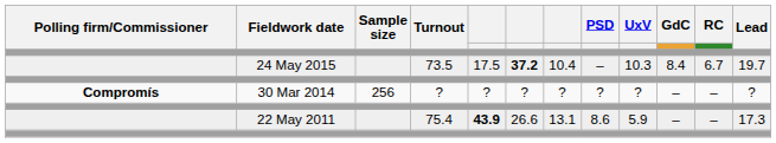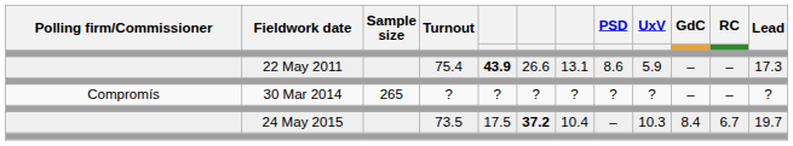 <table class="wikitable collapsible collapsed" style="text-align:center; font-size:95%; line-height:16px;">
 <tr style="height:42px;">
 <th style="width:250px;" rowspan="2">Polling firm/Commissioner</th>
 <th style="width:125px;" rowspan="2">Fieldwork date</th>
 <th style="width:50px;" rowspan="2">Sample size</th>
 <th style="width:45px;" rowspan="2">Turnout</th>
 <th style="width:35px;"></th>
 <th style="width:35px;"></th>
 <th style="width:35px;"></th>
 <th style="width:35px;"><a href='#'>PSD</a></th>
 <th style="width:35px;"><a href='#'>UxV</a></th>
 <th style="width:35px;">GdC</th>
 <th style="width:35px;">RC</th>
 <th style="width:30px;" rowspan="2">Lead</th>
 </tr>
 <tr>
 <th style="color:inherit;background:"></th>
 <th style="color:inherit;background:"></th>
 <th style="color:inherit;background:"></th>
 <th style="color:inherit;background:"></th>
 <th style="color:inherit;background:"></th>
 <th style="color:inherit;background:#EAA334;"></th>
 <th style="color:inherit;background:#2F882B;"></th>
 </tr>
 <tr>
 <td colspan="12" style="background:#A0A0A0"></td>
 </tr>
 <tr style="background:#EFEFEF;">
 <td><strong></strong></td>
+<td>22 May 2011</td>
+<td></td>
+<td>75.4</td>
+<td><strong>43.9</strong><br></td>
+<td>26.6<br></td>
+<td>13.1<br></td>
+<td>8.6<br></td>
+<td>5.9<br></td>
+<td>–</td>
+<td>–</td>
+<td style="background:">17.3</td>
+</tr>
+<tr>
+<td colspan="12" style="background:#A0A0A0"></td>
+</tr>
+<tr>
+<td>Compromís</td>
+<td>30 Mar 2014</td>
+<td>265</td>
+<td>?</td>
+<td>?<br></td>
+<td>?<br></td>
+<td>?<br></td>
+<td>?<br></td>
+<td>?<br></td>
+<td>–</td>
+<td>–</td>
+<td style="background:">?</td>
+</tr>
+<tr>
+<td colspan="12" style="background:#A0A0A0"></td>
+</tr>
+<tr style="background:#EFEFEF;">
+<td><strong></strong></td>
 <td>24 May 2015</td>
 <td></td>
 <td>73.5</td>
 <td>17.5<br></td>
 <td><strong>37.2</strong><br></td>
 <td>10.4<br></td>
 <td>–</td>
 <td>10.3<br></td>
 <td>8.4<br></td>
 <td>6.7<br></td>
 <td style="background:">19.7</td>
 </tr>
 <tr>
 <td colspan="12" style="background:#A0A0A0"></td>
 </tr>
-<tr>
-<td><strong>Compromís</strong></td>
-<td>30 Mar 2014</td>
-<td>256</td>
-<td>?</td>
-<td>?<br></td>
-<td>?<br></td>
-<td>?<br></td>
-<td>?<br></td>
-<td>?<br></td>
-<td>–</td>
-<td>–</td>
-<td style="background:">?</td>
-</tr>
-<tr>
-<td colspan="12" style="background:#A0A0A0"></td>
-</tr>
-<tr style="background:#EFEFEF;">
-<td><strong></strong></td>
-<td>22 May 2011</td>
-<td></td>
-<td>75.4</td>
-<td><strong>43.9</strong><br></td>
-<td>26.6<br></td>
-<td>13.1<br></td>
-<td>8.6<br></td>
-<td>5.9<br></td>
-<td>–</td>
-<td>–</td>
-<td style="background:">17.3</td>
-</tr>
-<tr>
-<td colspan="12" style="background:#A0A0A0"></td>
-</tr>
 </table>
